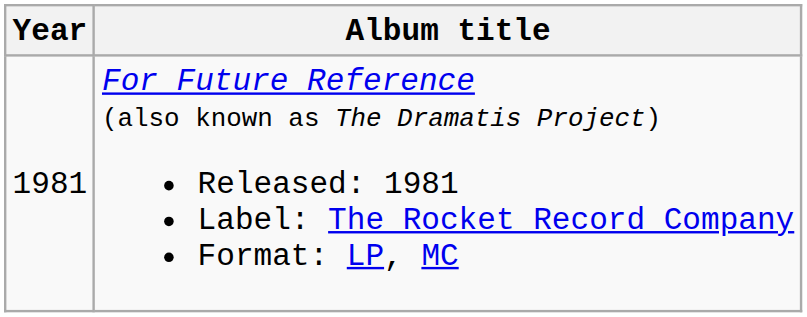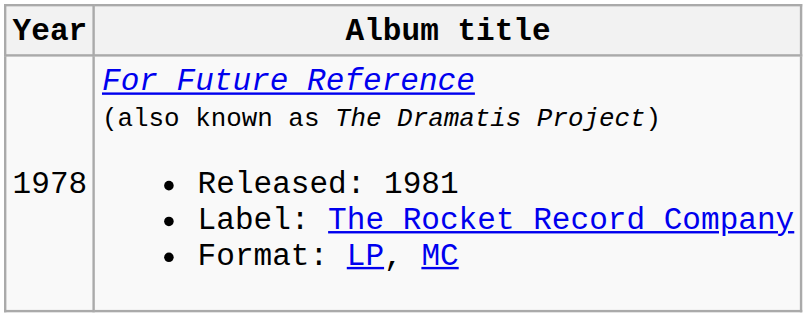 <table class="wikitable">
 <tr>
 <th>Year</th>
 <th>Album title</th>
 </tr>
 <tr>
-<td>1981</td>
+<td>1978</td>
 <td><em><a href='#'>For Future Reference</a></em><br><small>(also known as <em>The Dramatis Project</em>)</small><ul><li>Released: 1981</li><li>Label: <a href='#'>The Rocket Record Company</a></li><li>Format: <a href='#'>LP</a>, <a href='#'>MC</a></li></ul></td>
 </tr>
 </table>
